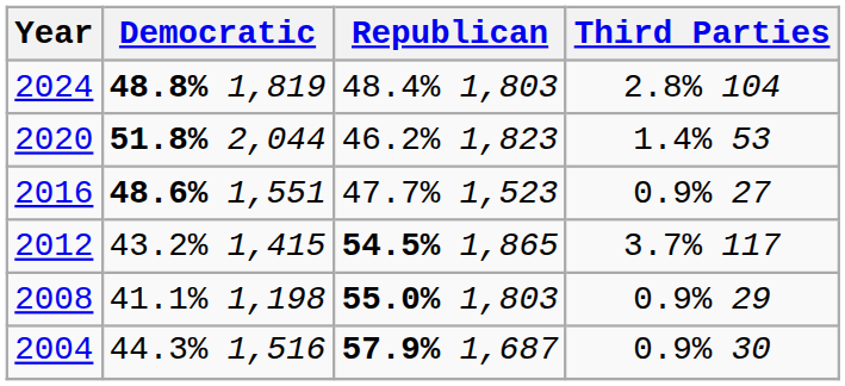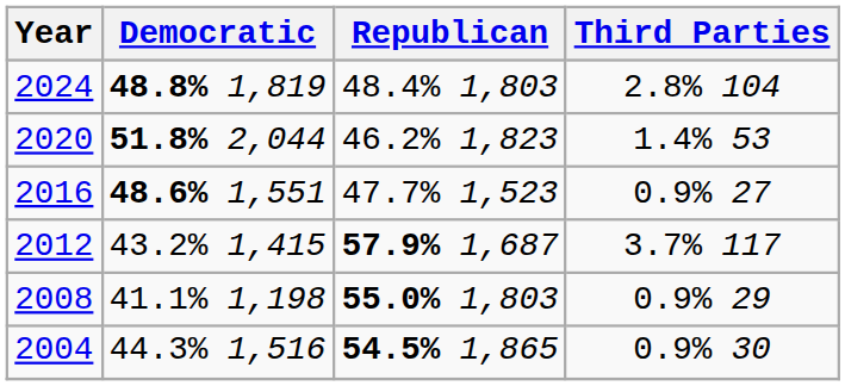 <table class="wikitable" style="float:right; margin:1em; font-size:95%;">
 <tr style="background:lightgrey;">
 <th>Year</th>
 <th><a href='#'>Democratic</a></th>
 <th><a href='#'>Republican</a></th>
 <th><a href='#'>Third Parties</a></th>
 </tr>
 <tr>
 <td align="center" ><a href='#'>2024</a></td>
 <td align="center" ><strong>48.8%</strong> <em>1,819</em></td>
 <td align="center" >48.4% <em>1,803</em></td>
 <td align="center" >2.8% <em>104</em></td>
 </tr>
 <tr>
 <td align="center" ><a href='#'>2020</a></td>
 <td align="center" ><strong>51.8%</strong> <em>2,044</em></td>
 <td align="center" >46.2% <em>1,823</em></td>
 <td align="center" >1.4% <em>53</em></td>
 </tr>
 <tr>
 <td align="center" ><a href='#'>2016</a></td>
 <td align="center" ><strong>48.6%</strong> <em>1,551</em></td>
 <td align="center" >47.7% <em>1,523</em></td>
 <td align="center" >0.9% <em>27</em></td>
 </tr>
 <tr>
 <td align="center" ><a href='#'>2012</a></td>
 <td align="center" >43.2% <em>1,415</em></td>
-<td align="center" ><strong>54.5%</strong> <em>1,865</em></td>
+<td align="center" ><strong>57.9%</strong> <em>1,687</em></td>
 <td align="center" >3.7% <em>117</em></td>
 </tr>
 <tr>
 <td align="center" ><a href='#'>2008</a></td>
 <td align="center" >41.1% <em>1,198</em></td>
 <td align="center" ><strong>55.0%</strong> <em>1,803</em></td>
 <td align="center" >0.9% <em>29</em></td>
 </tr>
 <tr>
 <td align="center" ><a href='#'>2004</a></td>
 <td align="center" >44.3% <em>1,516</em></td>
-<td align="center" ><strong>57.9%</strong> <em>1,687</em></td>
+<td align="center" ><strong>54.5%</strong> <em>1,865</em></td>
 <td align="center" >0.9% <em>30</em></td>
 </tr>
 <tr>
 </tr>
 </table>
